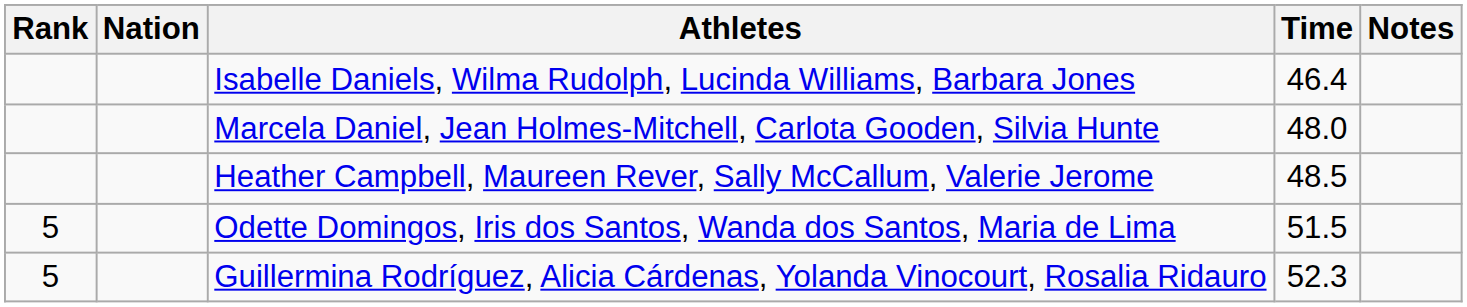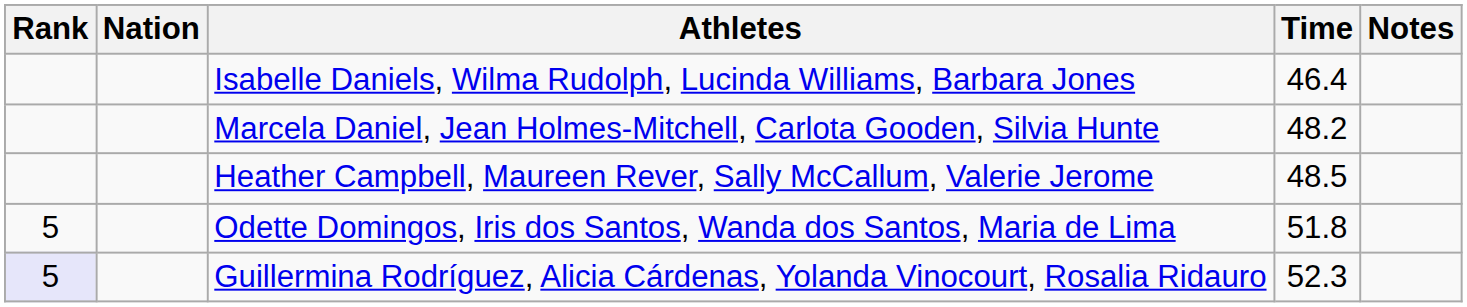 <table class="wikitable sortable" style="text-align:center">
 <tr>
 <th>Rank</th>
 <th>Nation</th>
 <th>Athletes</th>
 <th>Time</th>
 <th>Notes</th>
 </tr>
 <tr>
 <td></td>
 <td align=left></td>
 <td align=left><a href='#'>Isabelle Daniels</a>, <a href='#'>Wilma Rudolph</a>, <a href='#'>Lucinda Williams</a>, <a href='#'>Barbara Jones</a></td>
 <td>46.4</td>
 <td></td>
 </tr>
 <tr>
 <td></td>
 <td align=left></td>
 <td align=left><a href='#'>Marcela Daniel</a>, <a href='#'>Jean Holmes-Mitchell</a>, <a href='#'>Carlota Gooden</a>, <a href='#'>Silvia Hunte</a></td>
-<td>48.0</td>
+<td>48.2</td>
 <td></td>
 </tr>
 <tr>
 <td></td>
 <td align=left></td>
 <td align=left><a href='#'>Heather Campbell</a>, <a href='#'>Maureen Rever</a>, <a href='#'>Sally McCallum</a>, <a href='#'>Valerie Jerome</a></td>
 <td>48.5</td>
 <td></td>
 </tr>
 <tr>
 <td>5</td>
 <td align=left></td>
 <td align=left><a href='#'>Odette Domingos</a>, <a href='#'>Iris dos Santos</a>, <a href='#'>Wanda dos Santos</a>, <a href='#'>Maria de Lima</a></td>
-<td>51.5</td>
+<td>51.8</td>
 <td></td>
 </tr>
 <tr>
-<td>5</td>
+<td style="background: lavender;">5</td>
 <td align=left></td>
 <td align=left><a href='#'>Guillermina Rodríguez</a>, <a href='#'>Alicia Cárdenas</a>, <a href='#'>Yolanda Vinocourt</a>, <a href='#'>Rosalia Ridauro</a></td>
 <td>52.3</td>
 <td></td>
 </tr>
 </table>
